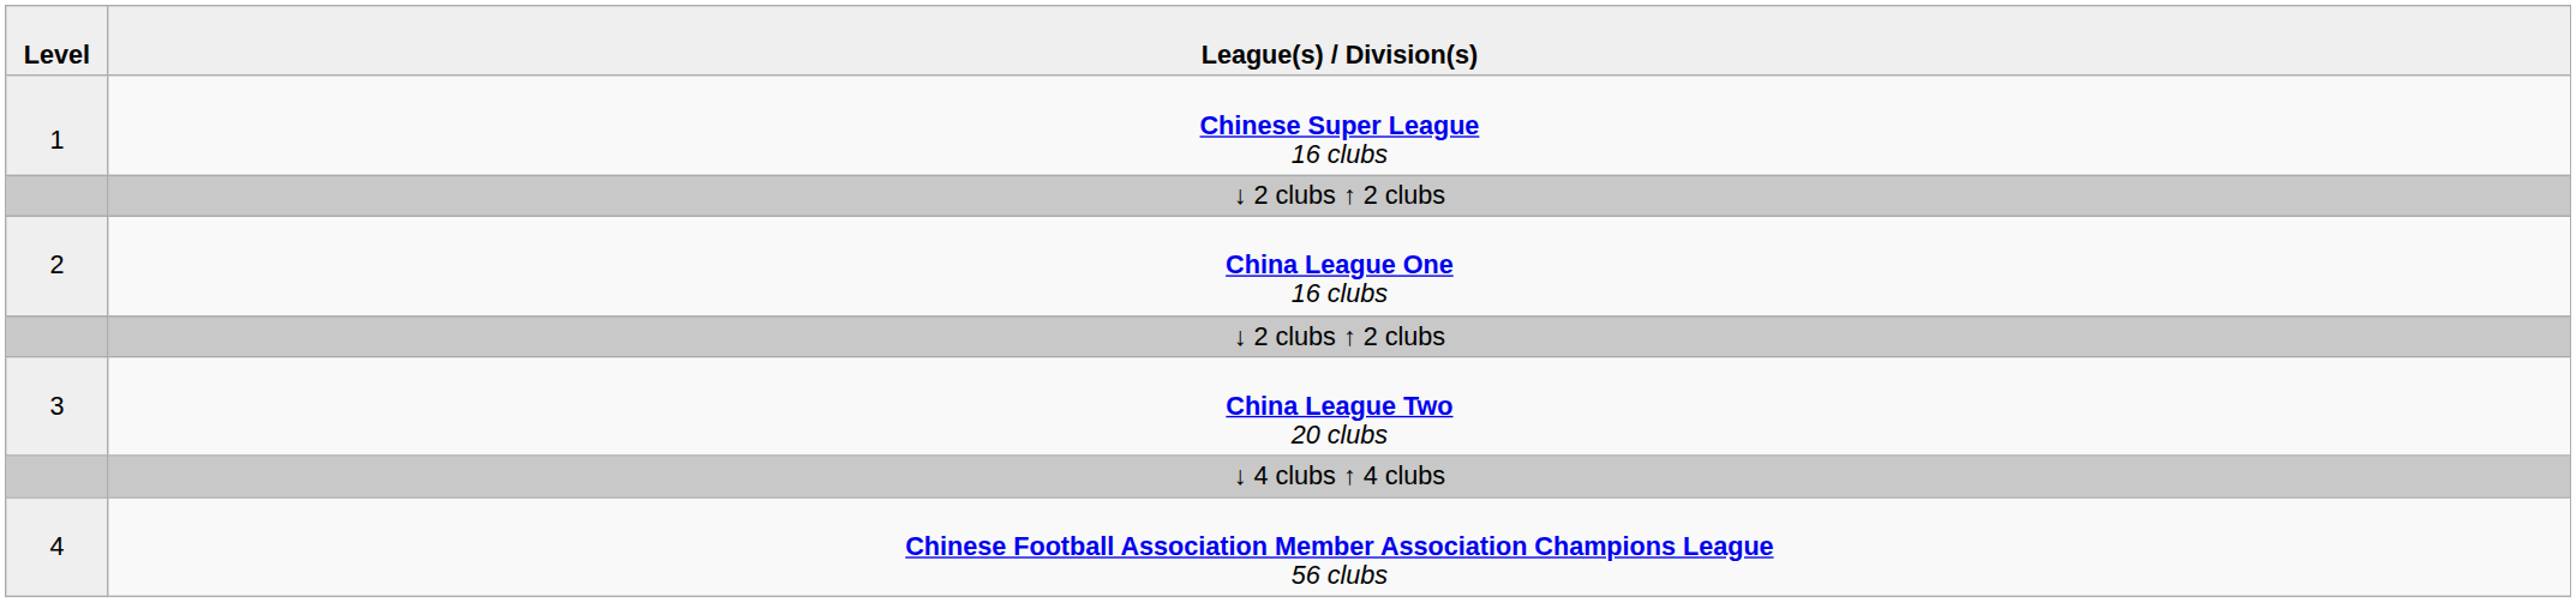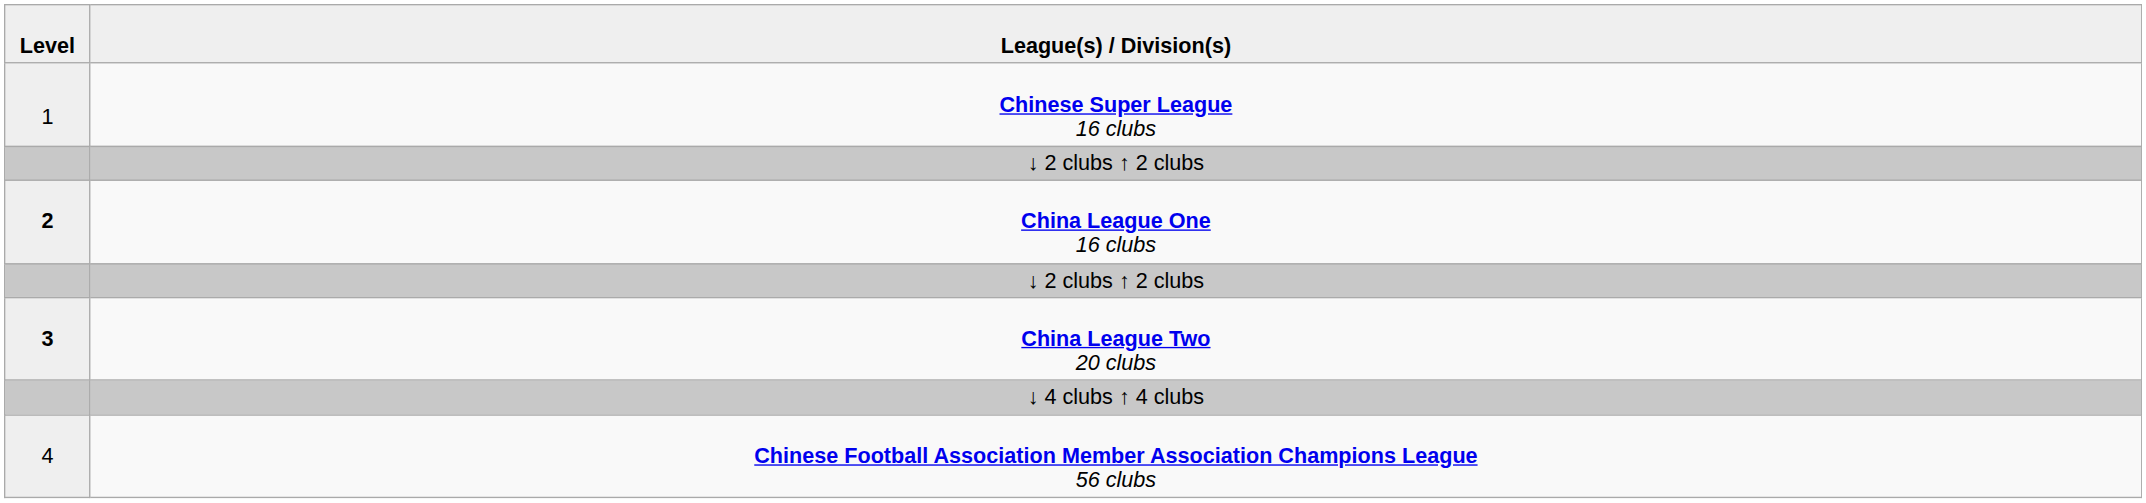 <table class="wikitable" style="text-align:center; width:100%;">
 <tr style="background:#efefef;">
 <td style="width:4%; text-align:center;"><br><strong>Level</strong></td>
 <td colspan="11" style="width:96%; text-align:center;"><br><strong>League(s) / Division(s)</strong></td>
 </tr>
 <tr>
 <td style="text-align:center; width:4%; background:#efefef;"><br>1</td>
 <td colspan="11" style="width:96%; text-align:center;"><br><strong><a href='#'>Chinese Super League</a></strong><br> <em>16 clubs</em><br></td>
 </tr>
 <tr style="background:#c8c8c8">
 <td style="width:4%;"></td>
 <td colspan="9" style="width:96%;">↓ 2 clubs ↑ 2 clubs</td>
 </tr>
 <tr>
-<td style="text-align:center; width:4%; background:#efefef;">2</td>
+<td style="text-align:center; width:4%; background:#efefef;"><strong>2</strong></td>
 <td colspan="11" style="width:96%; text-align:center;"><br><strong><a href='#'>China League One</a></strong><br> <em>16 clubs</em><br></td>
 </tr>
 <tr style="background:#c8c8c8">
 <td style="width:4%;"></td>
 <td colspan="9" style="width:96%;">↓ 2 clubs ↑ 2 clubs</td>
 </tr>
 <tr>
-<td style="text-align:center; width:4%; background:#efefef;">3</td>
+<td style="text-align:center; width:4%; background:#efefef;"><strong>3</strong></td>
 <td colspan="11" style="width:48%; text-align:center;"><br><strong><a href='#'>China League Two</a></strong><br> <em>20 clubs</em><br></td>
 </tr>
 <tr style="background:#c8c8c8">
 <td style="width:4%;"></td>
 <td colspan="9" style="width:96%;">↓ 4 clubs ↑ 4 clubs</td>
 </tr>
 <tr>
 <td style="text-align:center; width:4%; background:#efefef;">4</td>
 <td colspan="11" style="width:48%; text-align:center;"><br><strong><a href='#'>Chinese Football Association Member Association Champions League</a></strong><br> <em>56 clubs</em><br></td>
 </tr>
 </table>
